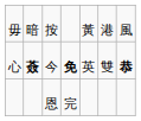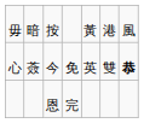 <table class="wikitable" style=text-align:center>
 <tr>
 <td><br>毋</td>
 <td><br>暗</td>
 <td><br>按</td>
 <td></td>
 <td><br>黃</td>
 <td><br>港</td>
 <td><br>風</td>
 </tr>
 <tr>
 <td><br>心</td>
-<td><strong><br>薟</strong></td>
+<td><br>薟</td>
 <td><br>今</td>
-<td><strong><br>免</strong></td>
+<td><br>免</td>
 <td><br>英</td>
 <td><br>雙</td>
 <td><strong><br>恭</strong></td>
 </tr>
 <tr>
 <td></td>
 <td></td>
 <td><br>恩</td>
 <td><br>完</td>
 <td></td>
 <td></td>
 <td></td>
 </tr>
 </table>
